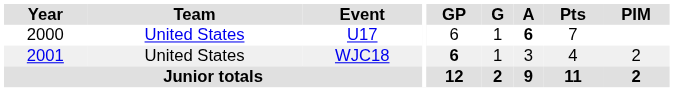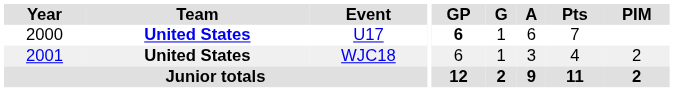 <table border="0" cellpadding="1" cellspacing="0" ID="Table3" style="text-align:center; width:40em">
 <tr ALIGN="center" bgcolor="#e0e0e0">
 <th>Year</th>
 <th>Team</th>
 <th>Event</th>
 <th rowspan="99" bgcolor="#ffffff"></th>
 <th>GP</th>
 <th>G</th>
 <th>A</th>
 <th>Pts</th>
 <th>PIM</th>
 </tr>
 <tr>
 <td>2000</td>
-<td><a href='#'>United States</a></td>
+<td><strong><a href='#'>United States</a></strong></td>
 <td><a href='#'>U17</a></td>
+<td><strong>6</strong></td>
+<td>1</td>
 <td>6</td>
-<td>1</td>
-<td><strong>6</strong></td>
 <td>7</td>
 <td></td>
 </tr>
 <tr bgcolor="#f0f0f0">
 <td><a href='#'>2001</a></td>
-<td>United States</td>
+<td><strong>United States</strong></td>
 <td><a href='#'>WJC18</a></td>
-<td><strong>6</strong></td>
+<td>6</td>
 <td>1</td>
 <td>3</td>
 <td>4</td>
 <td>2</td>
 </tr>
 <tr bgcolor="#e0e0e0">
 <th colspan="3">Junior totals</th>
 <th>12</th>
 <th>2</th>
 <th>9</th>
 <th>11</th>
 <th>2</th>
 </tr>
 </table>
